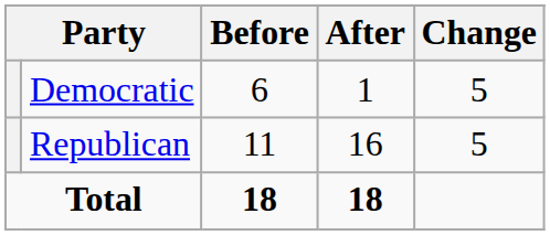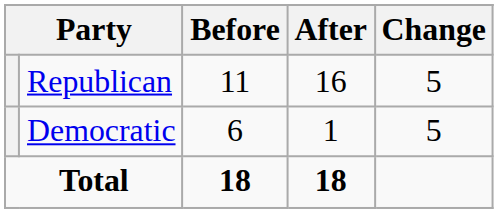 <table class="wikitable" style="text-align:center;">
 <tr>
 </tr>
 <tr>
 <th colspan=2>Party</th>
 <th>Before</th>
 <th>After</th>
 <th>Change</th>
 </tr>
 <tr>
 <th style="background-color:"></th>
-<td style="text-align:left;"><a href='#'>Democratic</a></td>
-<td>6</td>
-<td>1</td>
+<td style="text-align:left;"><a href='#'>Republican</a></td>
+<td>11</td>
+<td>16</td>
 <td> 5</td>
 </tr>
 <tr>
 <th style="background-color:"></th>
-<td style="text-align:left;"><a href='#'>Republican</a></td>
-<td>11</td>
-<td>16</td>
+<td style="text-align:left;"><a href='#'>Democratic</a></td>
+<td>6</td>
+<td>1</td>
 <td> 5</td>
 </tr>
 <tr>
 <td colspan=2><strong>Total</strong></td>
 <td><strong>18</strong></td>
 <td><strong>18</strong></td>
 </tr>
 </table>
